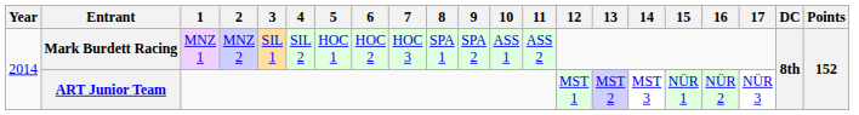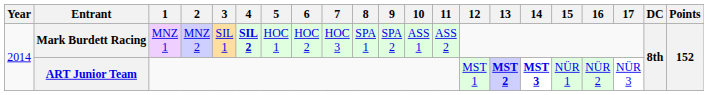 <table class="wikitable" style="text-align:center; font-size:85%">
 <tr>
 <th>Year</th>
 <th>Entrant</th>
 <th>1</th>
 <th>2</th>
 <th>3</th>
 <th>4</th>
 <th>5</th>
 <th>6</th>
 <th>7</th>
 <th>8</th>
 <th>9</th>
 <th>10</th>
 <th>11</th>
 <th>12</th>
 <th>13</th>
 <th>14</th>
 <th>15</th>
 <th>16</th>
 <th>17</th>
 <th>DC</th>
 <th>Points</th>
 </tr>
 <tr>
 <td rowspan="2"><a href='#'>2014</a></td>
 <th nowrap>Mark Burdett Racing</th>
 <td style="background:#EFCFFF;"><a href='#'>MNZ<br>1</a><br></td>
 <td style="background:#CFCFFF;"><a href='#'>MNZ<br>2</a><br></td>
 <td style="background:#FFDF9F;"><a href='#'>SIL<br>1</a><br></td>
-<td style="background:#DFFFDF;"><a href='#'>SIL<br>2</a><br></td>
+<td style="background:#DFFFDF;"><strong><a href='#'>SIL<br>2</a><br></strong></td>
 <td style="background:#DFFFDF;"><a href='#'>HOC<br>1</a><br></td>
 <td style="background:#DFFFDF;"><a href='#'>HOC<br>2</a><br></td>
 <td style="background:#DFFFDF;"><a href='#'>HOC<br>3</a><br></td>
 <td style="background:#DFFFDF;"><a href='#'>SPA<br>1</a><br></td>
 <td style="background:#DFFFDF;"><a href='#'>SPA<br>2</a><br></td>
 <td style="background:#DFFFDF;"><a href='#'>ASS<br>1</a><br></td>
 <td style="background:#DFFFDF;"><a href='#'>ASS<br>2</a><br></td>
 <td colspan=6></td>
 <th rowspan="2">8th</th>
 <th rowspan="2">152</th>
 </tr>
 <tr>
 <th nowrap><a href='#'>ART Junior Team</a></th>
 <td colspan=11></td>
 <td style="background:#DFFFDF;"><a href='#'>MST<br>1</a><br></td>
-<td style="background:#CFCFFF;"><a href='#'>MST<br>2</a><br></td>
-<td style="background:#FFFFFF;"><a href='#'>MST<br>3</a><br></td>
+<td style="background:#CFCFFF;"><strong><a href='#'>MST<br>2</a><br></strong></td>
+<td style="background:#FFFFFF;"><strong><a href='#'>MST<br>3</a><br></strong></td>
 <td style="background:#DFFFDF;"><a href='#'>NÜR<br>1</a><br></td>
 <td style="background:#DFFFDF;"><a href='#'>NÜR<br>2</a><br></td>
 <td style="background:#FFFFFF;"><a href='#'>NÜR<br>3</a><br></td>
 </tr>
 </table>
